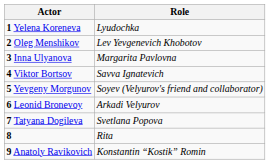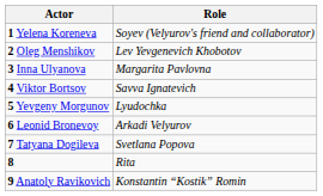 <table class="wikitable">
 <tr>
 <th>Actor</th>
 <th>Role</th>
 </tr>
 <tr>
 <td><strong>1</strong> <a href='#'>Yelena Koreneva</a></td>
-<td><em>Lyudochka</em></td>
+<td><em>Soyev (Velyurov's friend and collaborator)</em></td>
 </tr>
 <tr>
 <td><strong>2</strong> <a href='#'>Oleg Menshikov</a></td>
 <td><em>Lev Yevgenevich Khobotov</em></td>
 </tr>
 <tr>
 <td><strong>3</strong> <a href='#'>Inna Ulyanova</a></td>
 <td><em>Margarita Pavlovna</em></td>
 </tr>
 <tr>
 <td><strong>4</strong> <a href='#'>Viktor Bortsov</a></td>
 <td><em>Savva Ignatevich</em></td>
 </tr>
 <tr>
 <td><strong>5</strong> <a href='#'>Yevgeny Morgunov</a></td>
-<td><em>Soyev (Velyurov's friend and collaborator)</em></td>
+<td><em>Lyudochka</em></td>
 </tr>
 <tr>
 <td><strong>6</strong> <a href='#'>Leonid Bronevoy</a></td>
 <td><em>Arkadi Velyurov</em></td>
 </tr>
 <tr>
 <td><strong>7</strong> <a href='#'>Tatyana Dogileva</a></td>
 <td><em>Svetlana Popova</em></td>
 </tr>
 <tr>
 <td><strong>8</strong> </td>
 <td><em>Rita</em></td>
 </tr>
 <tr>
 <td><strong>9</strong> <a href='#'>Anatoly Ravikovich</a></td>
 <td><em>Konstantin “Kostik” Romin</em></td>
 </tr>
 </table>
